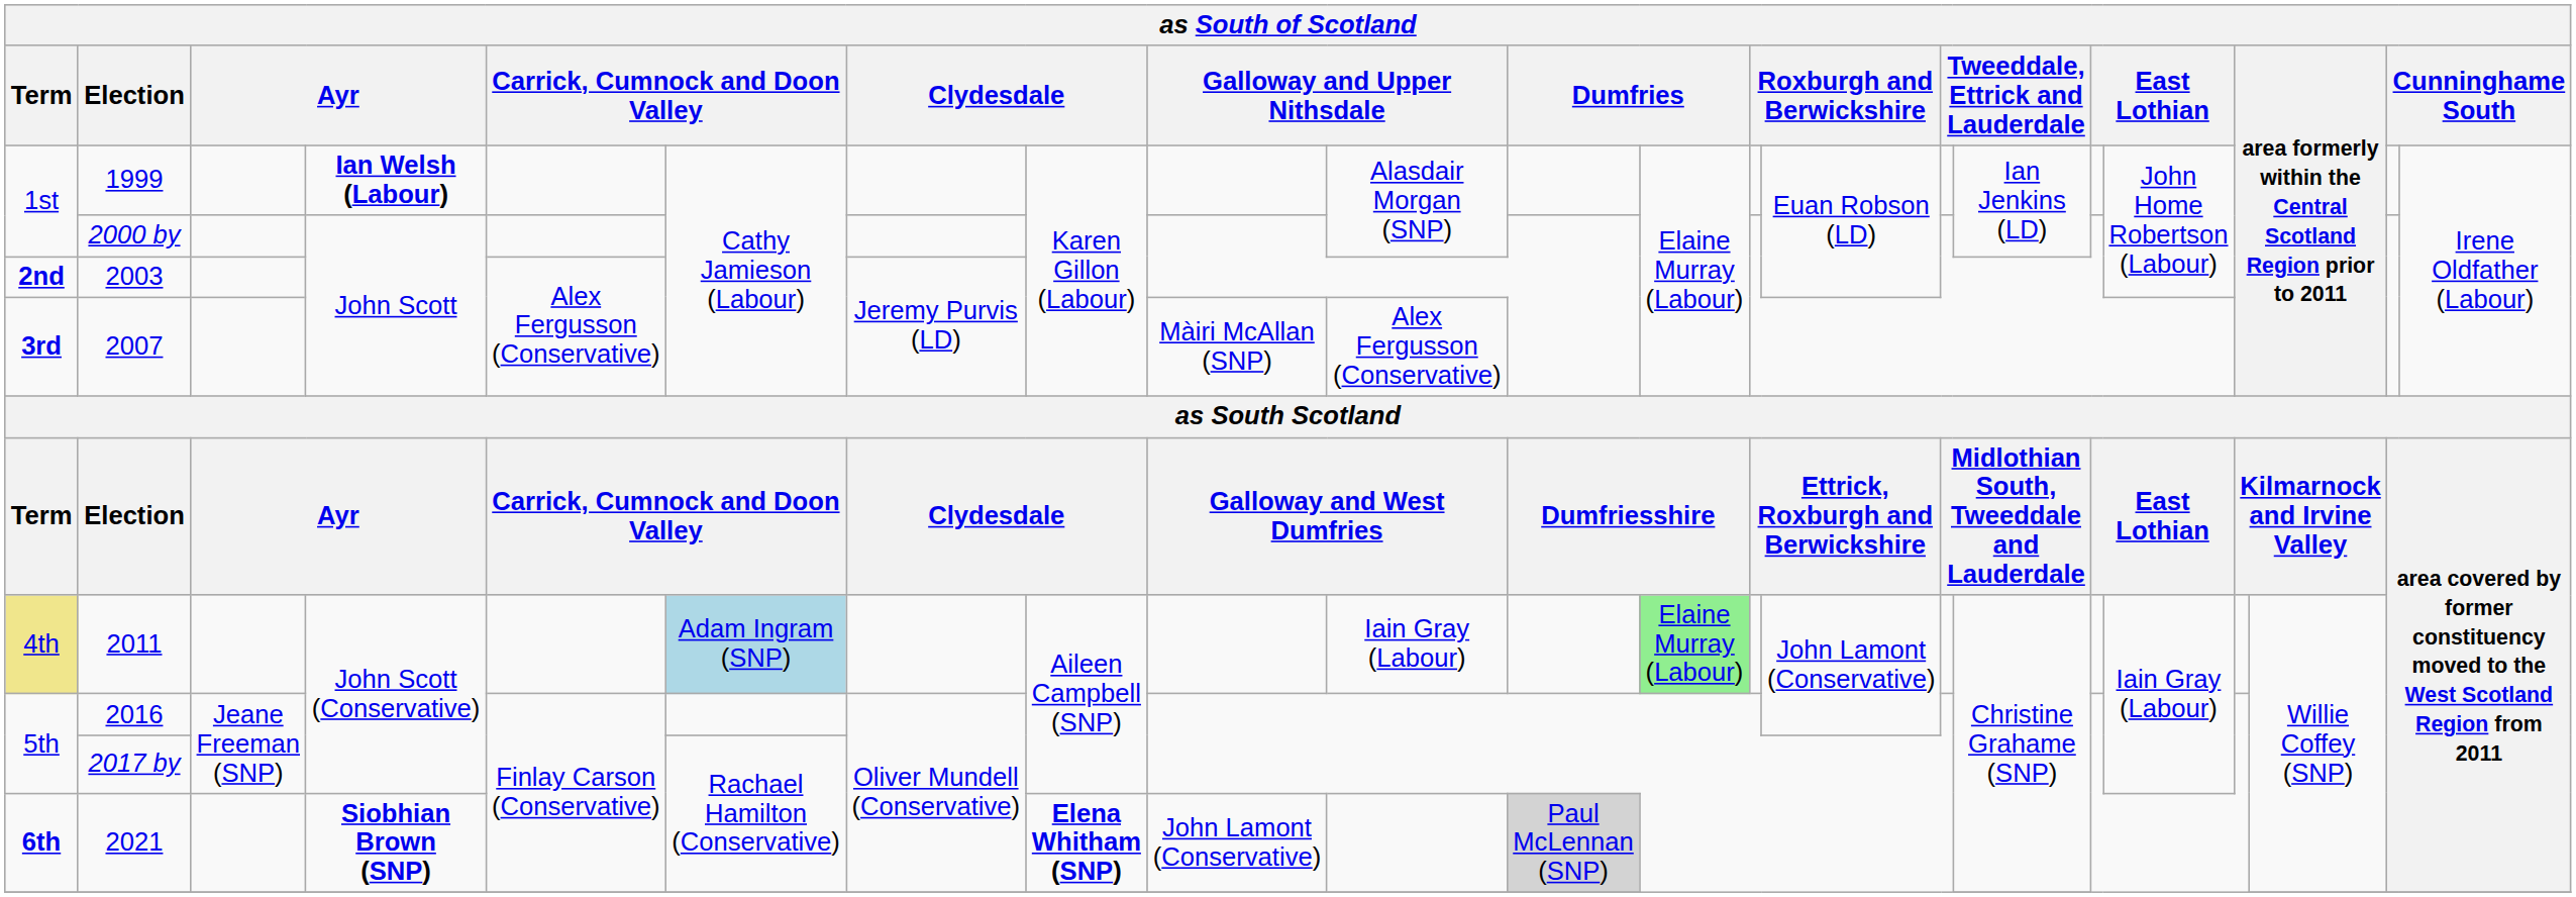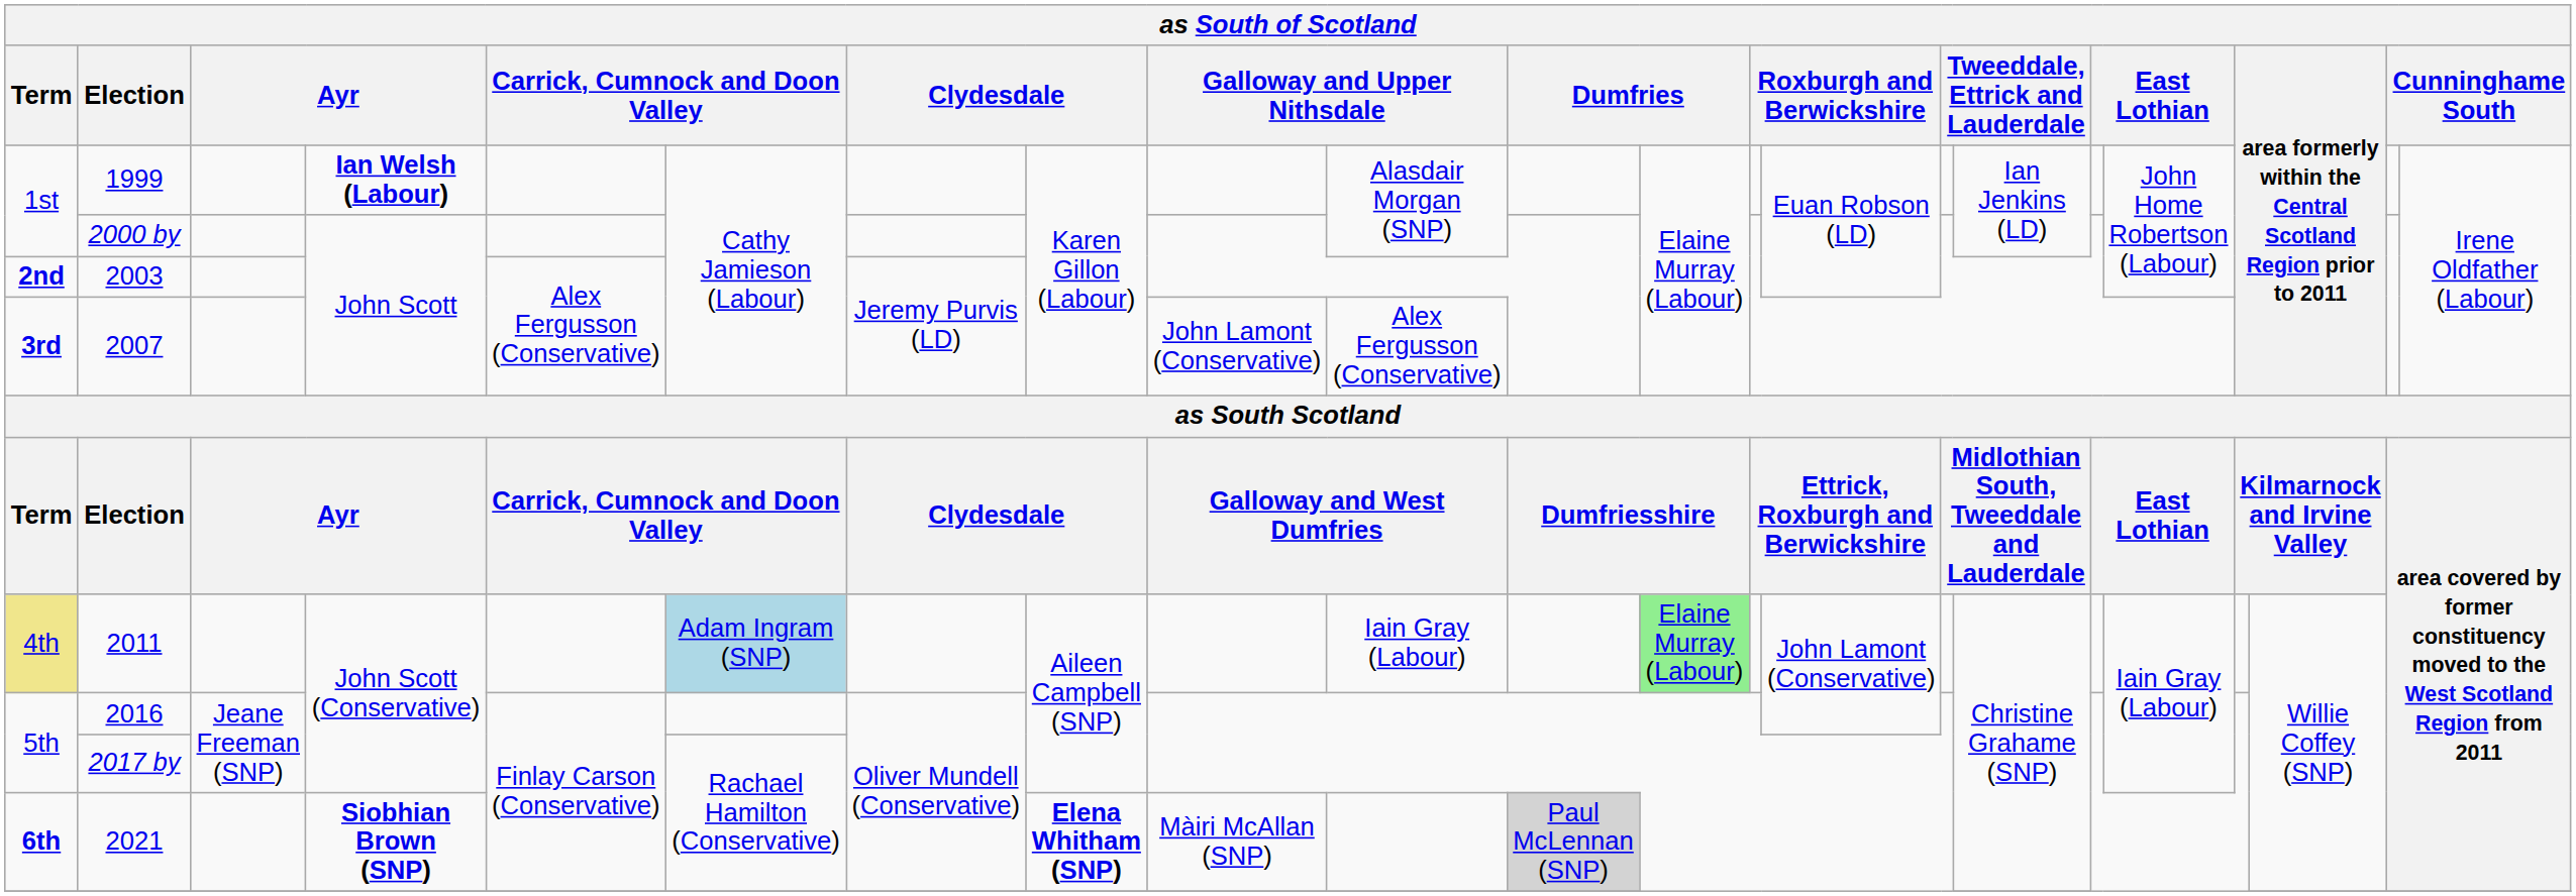 <table class="wikitable" style="text-align:center">
 <tr>
 <th colspan="22"><em>as <a href='#'>South of Scotland</a></em></th>
 </tr>
 <tr>
 <th>Term</th>
 <th>Election</th>
 <th colspan="2"><a href='#'>Ayr</a></th>
 <th colspan="2"><a href='#'>Carrick, Cumnock and Doon Valley</a></th>
 <th colspan="2"><a href='#'>Clydesdale</a></th>
 <th colspan="2"><a href='#'>Galloway and Upper Nithsdale</a></th>
 <th colspan="2"><a href='#'>Dumfries</a></th>
 <th colspan="2"><a href='#'>Roxburgh and Berwickshire</a></th>
 <th colspan="2"><a href='#'>Tweeddale, Ettrick and Lauderdale</a></th>
 <th colspan="2"><a href='#'>East Lothian</a></th>
 <th colspan="2" rowspan="5"><small>area formerly within the <a href='#'>Central Scotland Region</a> prior to 2011</small></th>
 <th colspan="2"><a href='#'>Cunninghame South</a></th>
 </tr>
 <tr>
 <td rowspan="2"><a href='#'>1st</a></td>
 <td rowspan="1"><a href='#'>1999</a></td>
 <td style="color:inherit;background:"></td>
 <td><strong><a href='#'>Ian Welsh</a><br>(<a href='#'>Labour</a>)</strong></td>
 <td></td>
 <td rowspan="4"><a href='#'>Cathy Jamieson</a><br>(<a href='#'>Labour</a>)</td>
 <td></td>
 <td rowspan="4"><a href='#'>Karen Gillon</a><br>(<a href='#'>Labour</a>)</td>
 <td></td>
 <td rowspan="2"><a href='#'>Alasdair Morgan</a><br>(<a href='#'>SNP</a>)</td>
 <td></td>
 <td rowspan="4"><a href='#'>Elaine Murray</a><br>(<a href='#'>Labour</a>)</td>
 <td></td>
 <td rowspan="3"><a href='#'>Euan Robson</a><br>(<a href='#'>LD</a>)</td>
 <td></td>
 <td rowspan="2"><a href='#'>Ian Jenkins</a><br>(<a href='#'>LD</a>)</td>
 <td></td>
 <td rowspan="3"><a href='#'>John Home Robertson</a><br>(<a href='#'>Labour</a>)</td>
 <td></td>
 <td rowspan="4"><a href='#'>Irene Oldfather</a><br>(<a href='#'>Labour</a>)</td>
 </tr>
 <tr>
 <td rowspan="1"><a href='#'><em>2000 by</em></a></td>
 <td></td>
 <td rowspan="3"><a href='#'>John Scott</a><br></td>
 </tr>
 <tr>
 <td><strong><a href='#'>2nd</a></strong></td>
 <td><a href='#'>2003</a></td>
 <td></td>
 <td rowspan="2"><a href='#'>Alex Fergusson</a><br>(<a href='#'>Conservative</a>)</td>
 <td rowspan="2"><a href='#'>Jeremy Purvis</a><br>(<a href='#'>LD</a>)</td>
 </tr>
 <tr>
 <td><strong><a href='#'>3rd</a></strong></td>
 <td><a href='#'>2007</a></td>
 <td style="color:inherit;background:"></td>
-<td rowspan="1"><a href='#'>Màiri McAllan</a><br>(<a href='#'>SNP</a>)</td>
+<td><a href='#'>John Lamont</a><br>(<a href='#'>Conservative</a>)</td>
 <td><a href='#'>Alex Fergusson</a><br>(<a href='#'>Conservative</a>)</td>
 </tr>
 <tr>
 <th colspan="22"><em>as South Scotland</em></th>
 </tr>
 <tr>
 <th>Term</th>
 <th>Election</th>
 <th colspan="2"><a href='#'>Ayr</a></th>
 <th colspan="2"><a href='#'>Carrick, Cumnock and Doon Valley</a></th>
 <th colspan="2"><a href='#'>Clydesdale</a></th>
 <th colspan="2"><a href='#'>Galloway and West Dumfries</a></th>
 <th colspan="2"><a href='#'>Dumfriesshire</a></th>
 <th colspan="2"><a href='#'>Ettrick, Roxburgh and Berwickshire</a></th>
 <th colspan="2"><a href='#'>Midlothian South, Tweeddale and Lauderdale</a></th>
 <th colspan="2"><a href='#'>East Lothian</a></th>
 <th colspan="2"><a href='#'>Kilmarnock and Irvine Valley</a></th>
 <th colspan="2" rowspan="5"><small>area covered by former constituency moved to the <a href='#'>West Scotland Region</a> from 2011</small></th>
 </tr>
 <tr>
 <td style="background: khaki;"><a href='#'>4th</a></td>
 <td><a href='#'>2011</a></td>
 <td></td>
 <td rowspan="3"><a href='#'>John Scott</a><br>(<a href='#'>Conservative</a>)</td>
 <td></td>
 <td style="background: lightblue;"><a href='#'>Adam Ingram</a><br>(<a href='#'>SNP</a>)</td>
 <td></td>
 <td rowspan="3"><a href='#'>Aileen Campbell</a><br>(<a href='#'>SNP</a>)</td>
 <td></td>
 <td><a href='#'>Iain Gray</a><br>(<a href='#'>Labour</a>)</td>
 <td style="color:inherit;background:"></td>
 <td rowspan="1" style="background: lightgreen;"><a href='#'>Elaine Murray</a><br>(<a href='#'>Labour</a>)</td>
 <td></td>
 <td rowspan="2"><a href='#'>John Lamont</a><br>(<a href='#'>Conservative</a>)</td>
 <td></td>
 <td rowspan="4"><a href='#'>Christine Grahame</a><br>(<a href='#'>SNP</a>)</td>
 <td></td>
 <td rowspan="3"><a href='#'>Iain Gray</a><br>(<a href='#'>Labour</a>)</td>
 <td></td>
 <td rowspan="4"><a href='#'>Willie Coffey</a><br>(<a href='#'>SNP</a>)</td>
 </tr>
 <tr>
 <td rowspan="2"><a href='#'>5th</a></td>
 <td><a href='#'>2016</a></td>
 <td rowspan="2"><a href='#'>Jeane Freeman</a><br>(<a href='#'>SNP</a>)</td>
 <td rowspan="3"><a href='#'>Finlay Carson</a><br>(<a href='#'>Conservative</a>)</td>
 <td></td>
 <td rowspan="3"><a href='#'>Oliver Mundell</a><br>(<a href='#'>Conservative</a>)</td>
 </tr>
 <tr>
 <td rowspan="1"><a href='#'><em>2017 by</em></a></td>
 <td rowspan="2"><a href='#'>Rachael Hamilton</a><br>(<a href='#'>Conservative</a>)</td>
 </tr>
 <tr>
 <td><strong><a href='#'>6th</a></strong></td>
 <td><a href='#'>2021</a></td>
 <td></td>
 <td rowspan="1"><strong><a href='#'>Siobhian Brown</a><br>(<a href='#'>SNP</a>)</strong></td>
 <td rowspan="1"><strong><a href='#'>Elena Whitham</a><br>(<a href='#'>SNP</a>)</strong></td>
-<td><a href='#'>John Lamont</a><br>(<a href='#'>Conservative</a>)</td>
+<td rowspan="1"><a href='#'>Màiri McAllan</a><br>(<a href='#'>SNP</a>)</td>
 <td></td>
 <td rowspan="1" style="background: lightgrey;"><a href='#'>Paul McLennan</a><br>(<a href='#'>SNP</a>)</td>
 </tr>
 <tr>
 </tr>
 </table>
